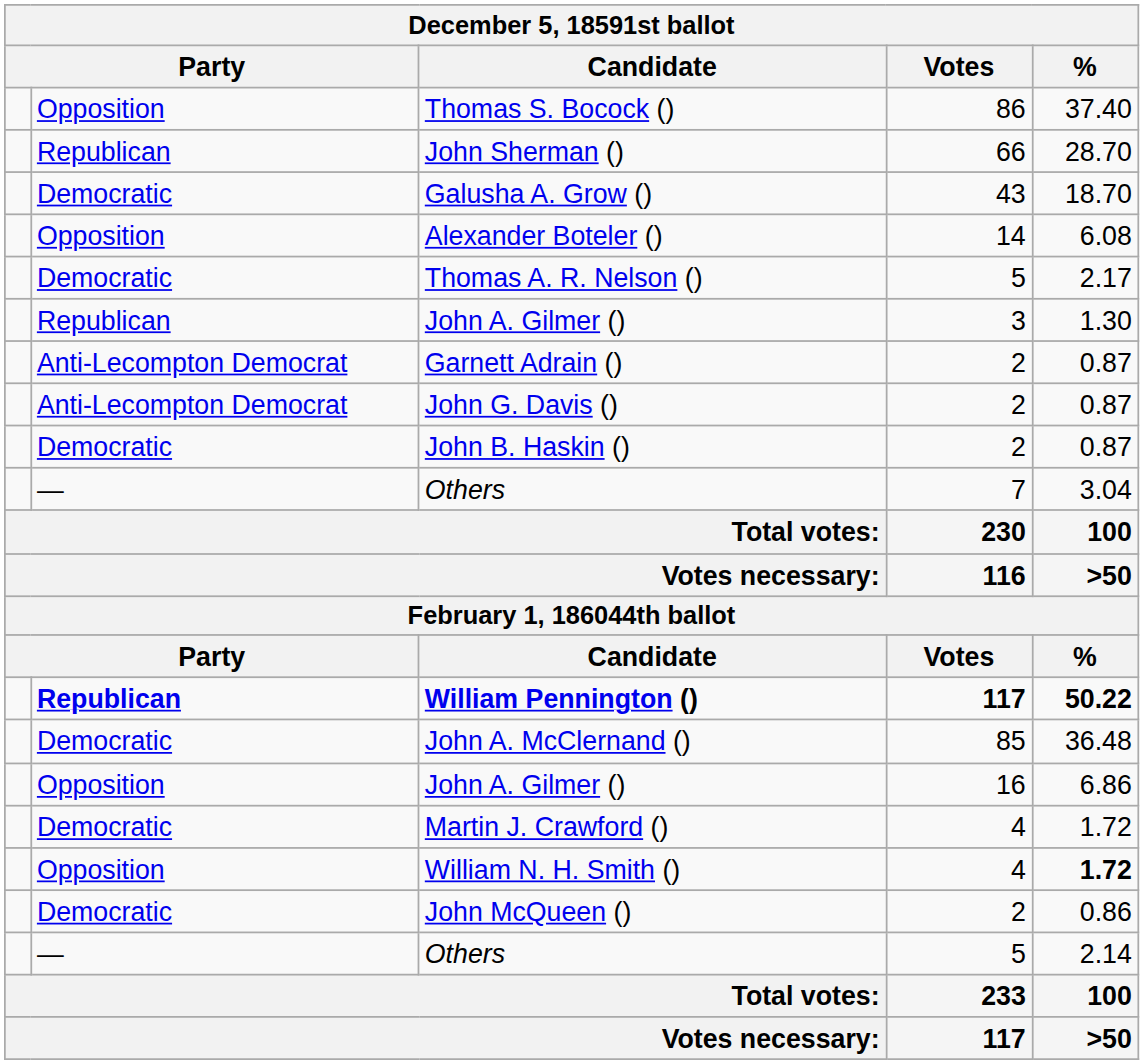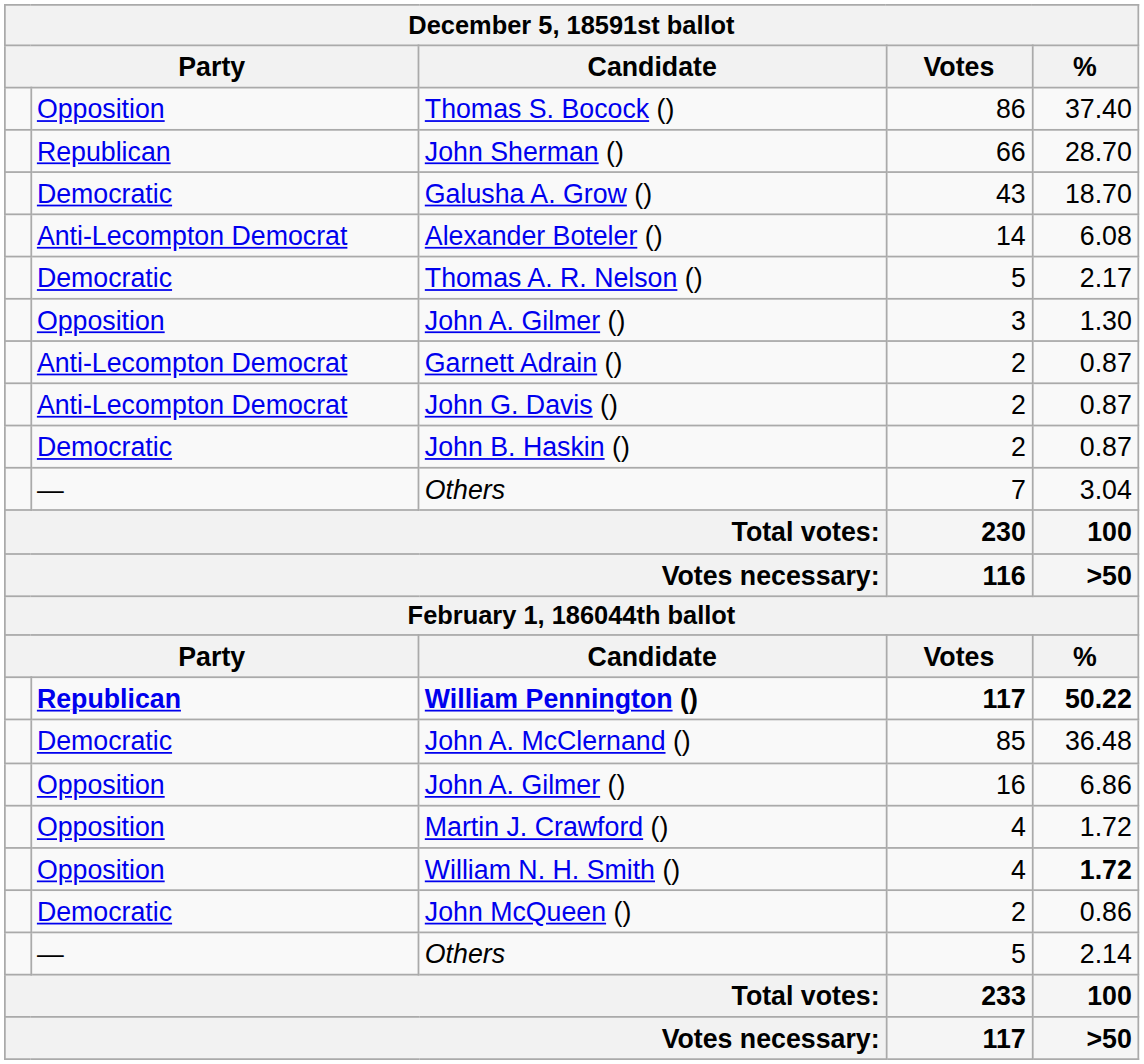 <table class="wikitable" style="margin-right:1em; font-size:95%">
 <tr>
 <th colspan=5 style="font-size:95%">December 5, 18591st ballot</th>
 </tr>
 <tr>
 <th scope="col" colspan="2" style="width: 15em">Party</th>
 <th scope="col" style="width: 17em">Candidate</th>
 <th scope="col" style="width: 5em">Votes</th>
 <th scope="col" style="width: 3.5em">%</th>
 </tr>
 <tr>
 <td style="width: 0.5em; background:"></td>
 <td><a href='#'>Opposition</a></td>
 <td><a href='#'>Thomas S. Bocock</a> ()</td>
 <td style="text-align:right">86</td>
 <td style="text-align:right">37.40</td>
 </tr>
 <tr>
 <td style="background:"></td>
 <td><a href='#'>Republican</a></td>
 <td><a href='#'>John Sherman</a> ()</td>
 <td style="text-align:right">66</td>
 <td style="text-align:right">28.70</td>
 </tr>
 <tr>
 <td style="background:"></td>
 <td><a href='#'>Democratic</a></td>
 <td><a href='#'>Galusha A. Grow</a> ()</td>
 <td style="text-align:right">43</td>
 <td style="text-align:right">18.70</td>
 </tr>
 <tr>
 <td></td>
-<td><a href='#'>Opposition</a></td>
+<td><a href='#'>Anti-Lecompton Democrat</a></td>
 <td><a href='#'>Alexander Boteler</a> ()</td>
 <td style="text-align:right">14</td>
 <td style="text-align:right">6.08</td>
 </tr>
 <tr>
 <td></td>
 <td><a href='#'>Democratic</a></td>
 <td><a href='#'>Thomas A. R. Nelson</a> ()</td>
 <td style="text-align:right">5</td>
 <td style="text-align:right">2.17</td>
 </tr>
 <tr>
 <td></td>
-<td><a href='#'>Republican</a></td>
+<td><a href='#'>Opposition</a></td>
 <td><a href='#'>John A. Gilmer</a> ()</td>
 <td style="text-align:right">3</td>
 <td style="text-align:right">1.30</td>
 </tr>
 <tr>
 <td style="background:"></td>
 <td><a href='#'>Anti-Lecompton Democrat</a></td>
 <td><a href='#'>Garnett Adrain</a> ()</td>
 <td style="text-align:right">2</td>
 <td style="text-align:right">0.87</td>
 </tr>
 <tr>
 <td style="background:"></td>
 <td><a href='#'>Anti-Lecompton Democrat</a></td>
 <td><a href='#'>John G. Davis</a> ()</td>
 <td style="text-align:right">2</td>
 <td style="text-align:right">0.87</td>
 </tr>
 <tr>
 <td style="background:"></td>
 <td><a href='#'>Democratic</a></td>
 <td><a href='#'>John B. Haskin</a> ()</td>
 <td style="text-align:right">2</td>
 <td style="text-align:right">0.87</td>
 </tr>
 <tr>
 <td style="background:"></td>
 <td>—</td>
 <td><em>Others</em></td>
 <td style="text-align:right">7</td>
 <td style="text-align:right">3.04</td>
 </tr>
 <tr>
 <th colspan=3 style="text-align:right">Total votes:</th>
 <td style="text-align:right; background:#f5f5f5"><strong>230</strong></td>
 <td style="text-align:right; background:#f5f5f5"><strong>100</strong></td>
 </tr>
 <tr>
 <th colspan=3 style="text-align:right">Votes necessary:</th>
 <td style="text-align:right; background:#f5f5f5"><strong>116</strong></td>
 <td style="text-align:right; background:#f5f5f5"><strong>>50</strong></td>
 </tr>
 <tr>
 <th colspan=5 style="font-size:95%">February 1, 186044th ballot</th>
 </tr>
 <tr>
 <th scope="col" colspan="2" style="width: 15em">Party</th>
 <th scope="col" style="width: 17em">Candidate</th>
 <th scope="col" style="width: 5em">Votes</th>
 <th scope="col" style="width: 3.5em">%</th>
 </tr>
 <tr>
 <td style="background:"></td>
 <td><strong><a href='#'>Republican</a></strong></td>
 <td><strong><a href='#'>William Pennington</a> ()</strong></td>
 <td style="text-align:right"><strong>117</strong></td>
 <td style="text-align:right"><strong>50.22</strong></td>
 </tr>
 <tr>
 <td style="background:"></td>
 <td><a href='#'>Democratic</a></td>
 <td><a href='#'>John A. McClernand</a> ()</td>
 <td style="text-align:right">85</td>
 <td style="text-align:right">36.48</td>
 </tr>
 <tr>
 <td></td>
 <td><a href='#'>Opposition</a></td>
 <td><a href='#'>John A. Gilmer</a> ()</td>
 <td style="text-align:right">16</td>
 <td style="text-align:right">6.86</td>
 </tr>
 <tr>
 <td style="background:"></td>
-<td><a href='#'>Democratic</a></td>
+<td><a href='#'>Opposition</a></td>
 <td><a href='#'>Martin J. Crawford</a> ()</td>
 <td style="text-align:right">4</td>
 <td style="text-align:right">1.72</td>
 </tr>
 <tr>
 <td></td>
 <td><a href='#'>Opposition</a></td>
 <td><a href='#'>William N. H. Smith</a> ()</td>
 <td style="text-align:right">4</td>
 <td style="text-align:right"><strong>1.72</strong></td>
 </tr>
 <tr>
 <td style="background:"></td>
 <td><a href='#'>Democratic</a></td>
 <td><a href='#'>John McQueen</a> ()</td>
 <td style="text-align:right">2</td>
 <td style="text-align:right">0.86</td>
 </tr>
 <tr>
 <td style="background:"></td>
 <td>—</td>
 <td><em>Others</em></td>
 <td style="text-align:right">5</td>
 <td style="text-align:right">2.14</td>
 </tr>
 <tr>
 <th colspan=3 style="text-align:right">Total votes:</th>
 <td style="text-align:right; background:#f5f5f5"><strong>233</strong></td>
 <td style="text-align:right; background:#f5f5f5"><strong>100</strong></td>
 </tr>
 <tr>
 <th colspan=3 style="text-align:right">Votes necessary:</th>
 <td style="text-align:right; background:#f5f5f5"><strong>117</strong></td>
 <td style="text-align:right; background:#f5f5f5"><strong>>50</strong></td>
 </tr>
 </table>
